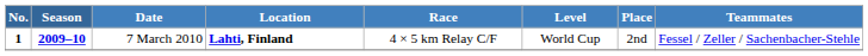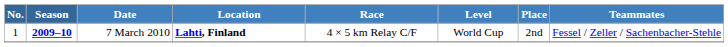 <table class="wikitable sortable" style="font-size:95%; text-align:center; border:grey solid 1px; border-collapse:collapse; background:#ffffff;">
 <tr style="background:#efefef;">
 <th style="background-color:#369; color:white;">No.</th>
 <th style="background-color:#369; color:white;">Season</th>
 <th style="background-color:#4180be; color:white; width:120px;">Date</th>
 <th style="background-color:#4180be; color:white; width:170px;">Location</th>
 <th style="background-color:#4180be; color:white; width:170px;">Race</th>
 <th style="background-color:#4180be; color:white; width:100px;">Level</th>
 <th style="background-color:#4180be; color:white;">Place</th>
 <th style="background-color:#4180be; color:white;">Teammates</th>
 </tr>
 <tr>
-<td align=center><strong>1</strong></td>
+<td align=center>1</td>
 <td rowspan=1 align=center><strong> <a href='#'>2009–10</a> </strong></td>
 <td align=right>7 March 2010</td>
 <td align=left><strong> <a href='#'>Lahti</a>, Finland</strong></td>
 <td>4 × 5 km Relay C/F</td>
 <td>World Cup</td>
 <td>2nd</td>
 <td><a href='#'>Fessel</a> / <a href='#'>Zeller</a> / <a href='#'>Sachenbacher-Stehle</a></td>
 </tr>
 <tr>
 </tr>
 </table>
